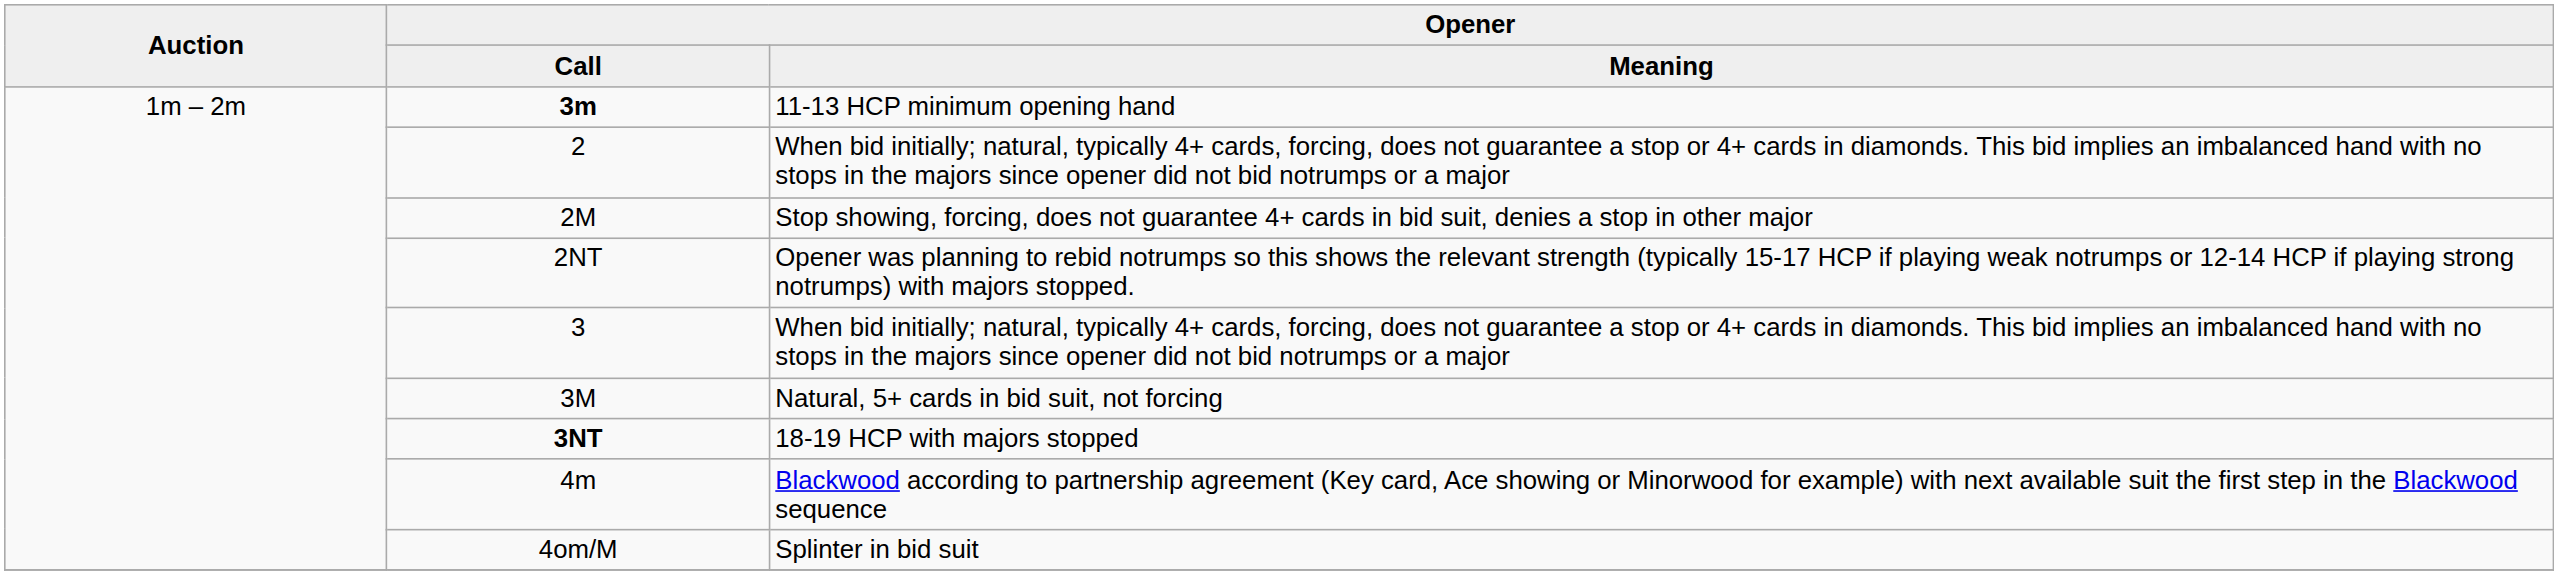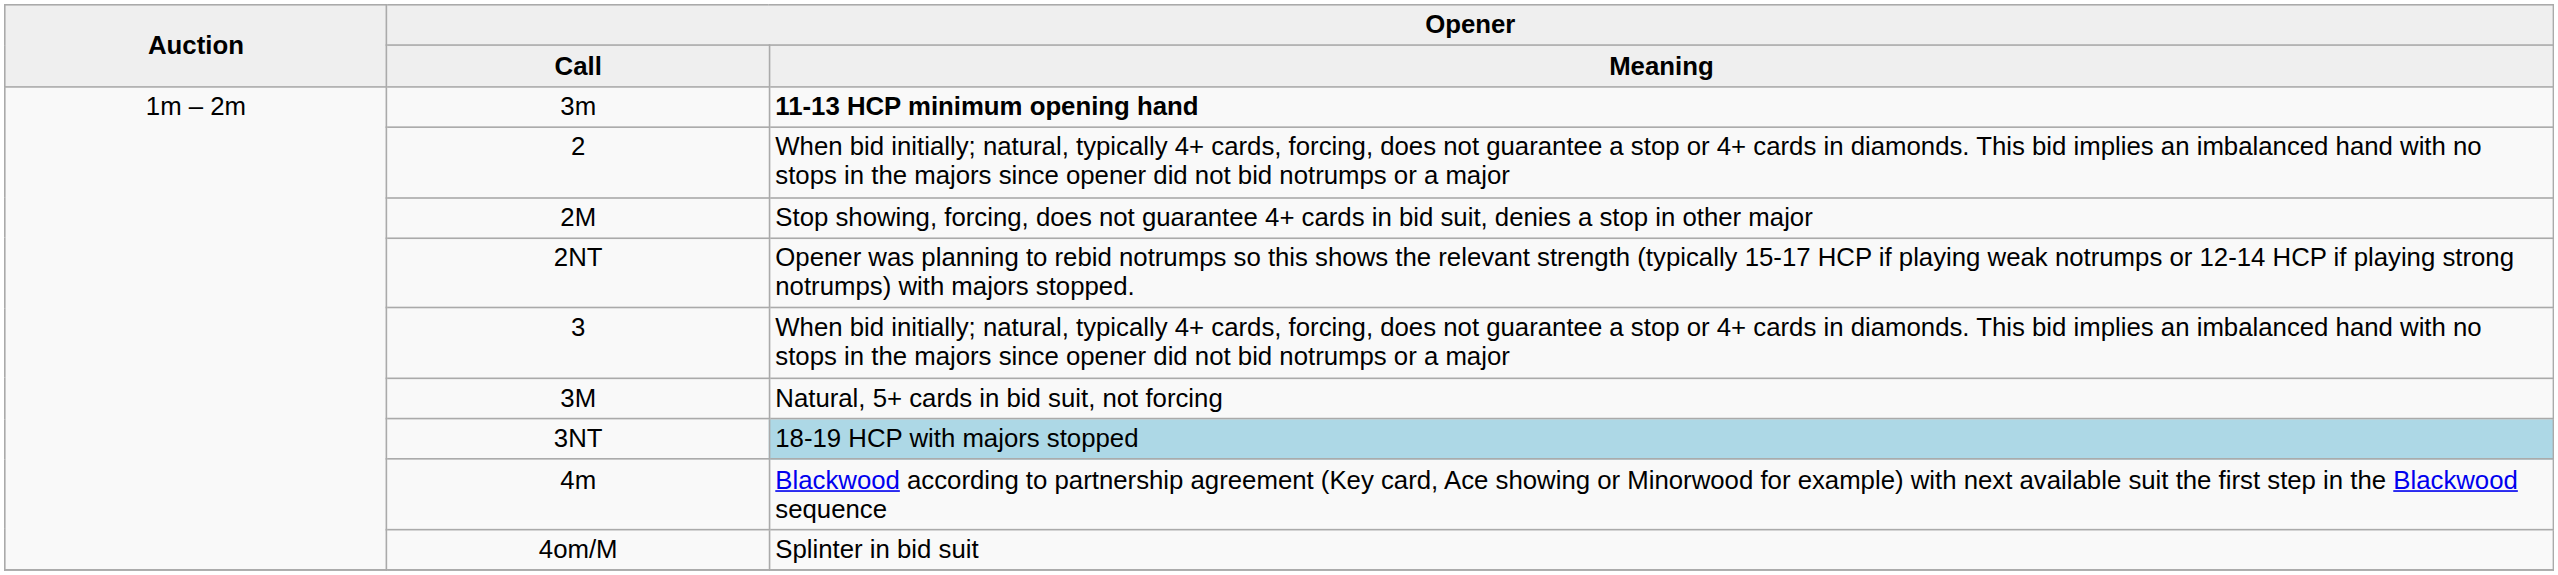 <table class="wikitable" width=100%>
 <tr>
 <td rowspan=2 style="background: #EFEFEF" align=center width=15%><strong>Auction</strong></td>
 <td colspan="2" style="text-align: center; background: #EFEFEF" width=85%><strong>Opener</strong></td>
 </tr>
 <tr>
 <td style="text-align: center; background: #EFEFEF" width=15%><strong>Call</strong></td>
 <td style="text-align: center; background: #EFEFEF" width=85%><strong>Meaning</strong></td>
 </tr>
 <tr align="left" valign="top">
 <td rowspan="9" align=center>1m – 2m</td>
-<td align=center><strong>3m</strong></td>
-<td>11-13 HCP minimum opening hand</td>
+<td align=center>3m</td>
+<td><strong>11-13 HCP minimum opening hand</strong></td>
 </tr>
 <tr>
 <td valign=top align=center>2</td>
 <td>When  bid initially; natural, typically 4+ cards, forcing, does not guarantee a stop or 4+ cards in diamonds.  This bid implies an imbalanced hand with no stops in the majors since opener did not bid notrumps or a major</td>
 </tr>
 <tr>
 <td valign=top align=center>2M</td>
 <td>Stop showing, forcing, does not guarantee 4+ cards in bid suit, denies a stop in other major</td>
 </tr>
 <tr>
 <td valign=top align=center>2NT</td>
 <td>Opener was planning to rebid notrumps so this shows the relevant strength (typically 15-17 HCP if playing weak notrumps or 12-14 HCP if playing strong notrumps) with majors stopped.</td>
 </tr>
 <tr>
 <td valign=top align=center>3</td>
 <td>When  bid initially; natural, typically 4+ cards, forcing, does not guarantee a stop or 4+ cards in diamonds.  This bid implies an imbalanced hand with no stops in the majors since opener did not bid notrumps or a major</td>
 </tr>
 <tr>
 <td valign=top align=center>3M</td>
 <td>Natural, 5+ cards in bid suit, not forcing</td>
 </tr>
 <tr>
-<td valign=top align=center><strong>3NT</strong></td>
-<td>18-19 HCP with majors stopped</td>
+<td valign=top align=center>3NT</td>
+<td style="background: lightblue;">18-19 HCP with majors stopped</td>
 </tr>
 <tr>
 <td valign=top align=center>4m</td>
 <td><a href='#'>Blackwood</a> according to partnership agreement (Key card, Ace showing or Minorwood for example) with next available suit the first step in the <a href='#'>Blackwood</a> sequence</td>
 </tr>
 <tr>
 <td valign=top align=center>4om/M</td>
 <td>Splinter in bid suit</td>
 </tr>
 <tr>
 </tr>
 </table>
